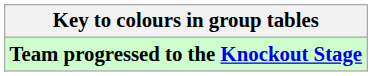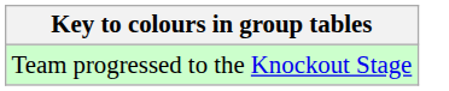 <table class="wikitable">
 <tr>
 <th>Key to colours in group tables</th>
 </tr>
 <tr style="background:#cfc;">
-<td><strong>Team progressed to the <a href='#'>Knockout Stage</a></strong></td>
+<td>Team progressed to the <a href='#'>Knockout Stage</a></td>
 </tr>
 </table>
